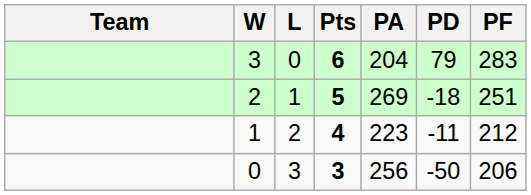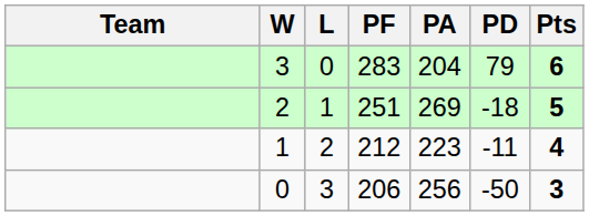 <table class="wikitable" style="text-align:center;">
 <tr>
 <th width=150>Team</th>
 <th width=20>W</th>
 <th width=20>L</th>
-<th width=20>Pts</th>
+<th width=30>PF</th>
 <th width=30>PA</th>
 <th width=30>PD</th>
-<th width=30>PF</th>
+<th width=20>Pts</th>
 </tr>
 <tr bgcolor="#ccffcc">
 <td align="left"></td>
 <td>3</td>
 <td>0</td>
-<td><strong>6</strong></td>
+<td>283</td>
 <td>204</td>
 <td>79</td>
-<td>283</td>
+<td><strong>6</strong></td>
 </tr>
 <tr bgcolor="#ccffcc">
 <td align="left"></td>
 <td>2</td>
 <td>1</td>
-<td><strong>5</strong></td>
+<td>251</td>
 <td>269</td>
 <td>-18</td>
-<td>251</td>
+<td><strong>5</strong></td>
 </tr>
 <tr>
 <td align="left"></td>
 <td>1</td>
 <td>2</td>
-<td><strong>4</strong></td>
+<td>212</td>
 <td>223</td>
 <td>-11</td>
-<td>212</td>
+<td><strong>4</strong></td>
 </tr>
 <tr>
 <td align="left"></td>
 <td>0</td>
 <td>3</td>
-<td><strong>3</strong></td>
+<td>206</td>
 <td>256</td>
 <td>-50</td>
-<td>206</td>
+<td><strong>3</strong></td>
 </tr>
 </table>
